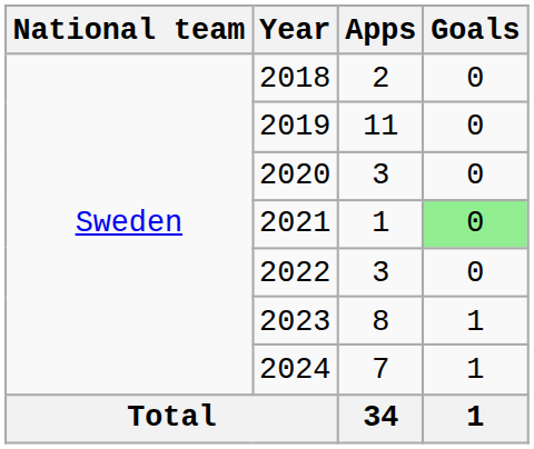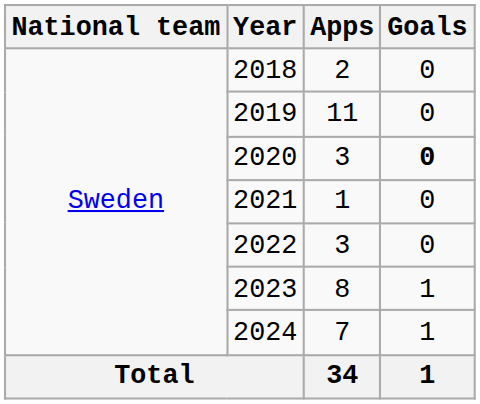 <table class="wikitable" style="text-align:center">
 <tr>
 <th>National team</th>
 <th>Year</th>
 <th>Apps</th>
 <th>Goals</th>
 </tr>
 <tr>
 <td rowspan="7"><a href='#'>Sweden</a></td>
 <td>2018</td>
 <td>2</td>
 <td>0</td>
 </tr>
 <tr>
 <td>2019</td>
 <td>11</td>
 <td>0</td>
 </tr>
 <tr>
 <td>2020</td>
 <td>3</td>
-<td>0</td>
+<td><strong>0</strong></td>
 </tr>
 <tr>
 <td>2021</td>
 <td>1</td>
-<td style="background: lightgreen;">0</td>
+<td>0</td>
 </tr>
 <tr>
 <td>2022</td>
 <td>3</td>
 <td>0</td>
 </tr>
 <tr>
 <td>2023</td>
 <td>8</td>
 <td>1</td>
 </tr>
 <tr>
 <td>2024</td>
 <td>7</td>
 <td>1</td>
 </tr>
 <tr>
 <th colspan="2">Total</th>
 <th>34</th>
 <th>1</th>
 </tr>
 </table>
